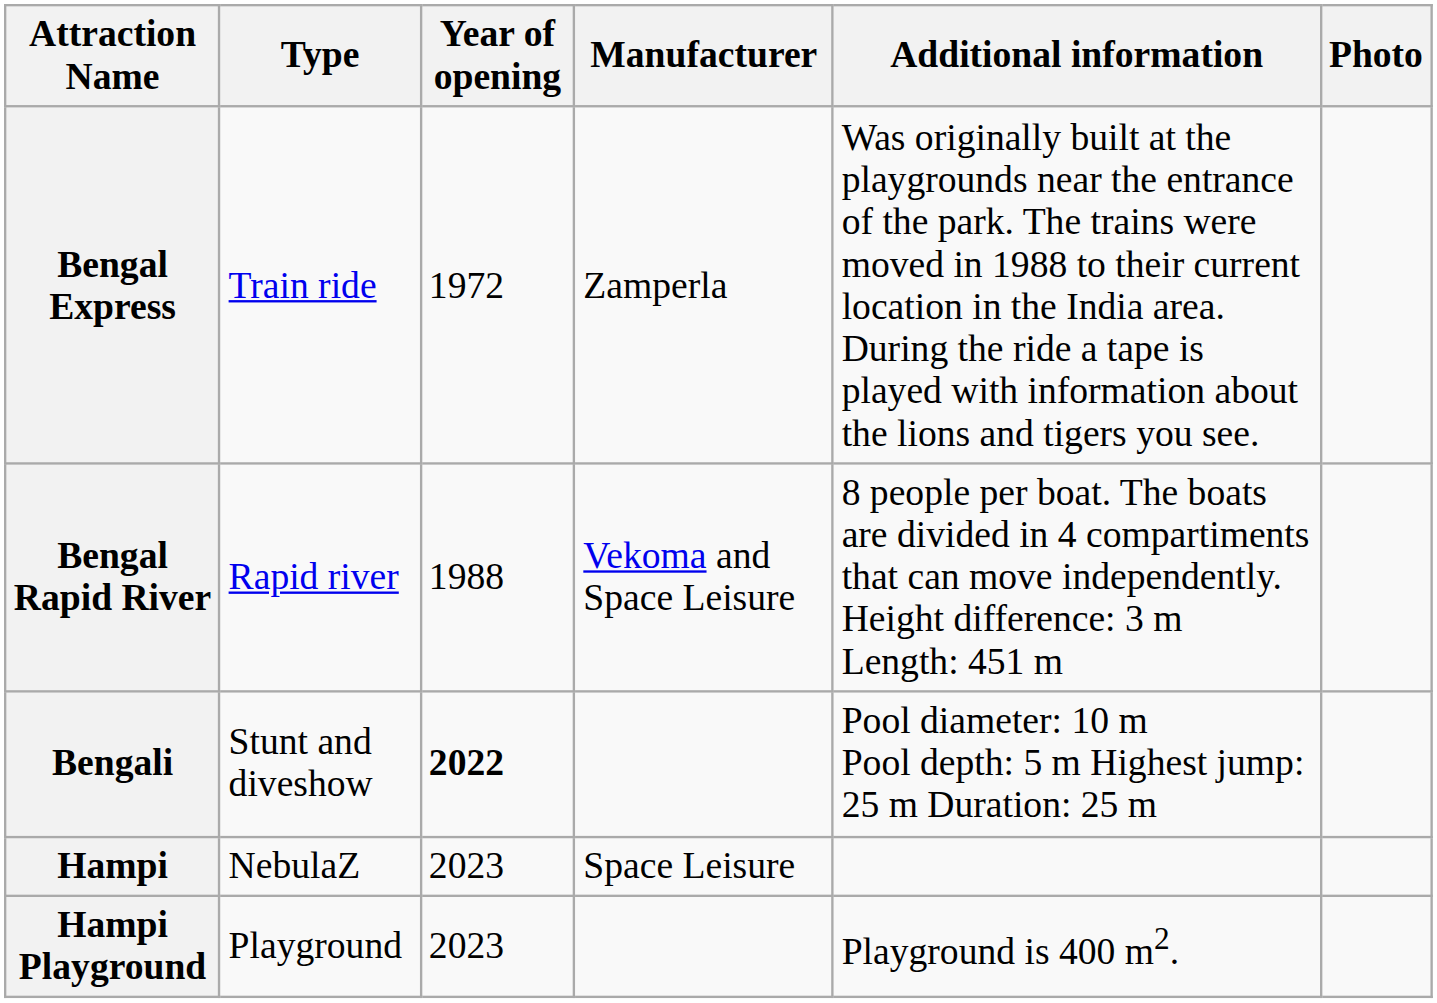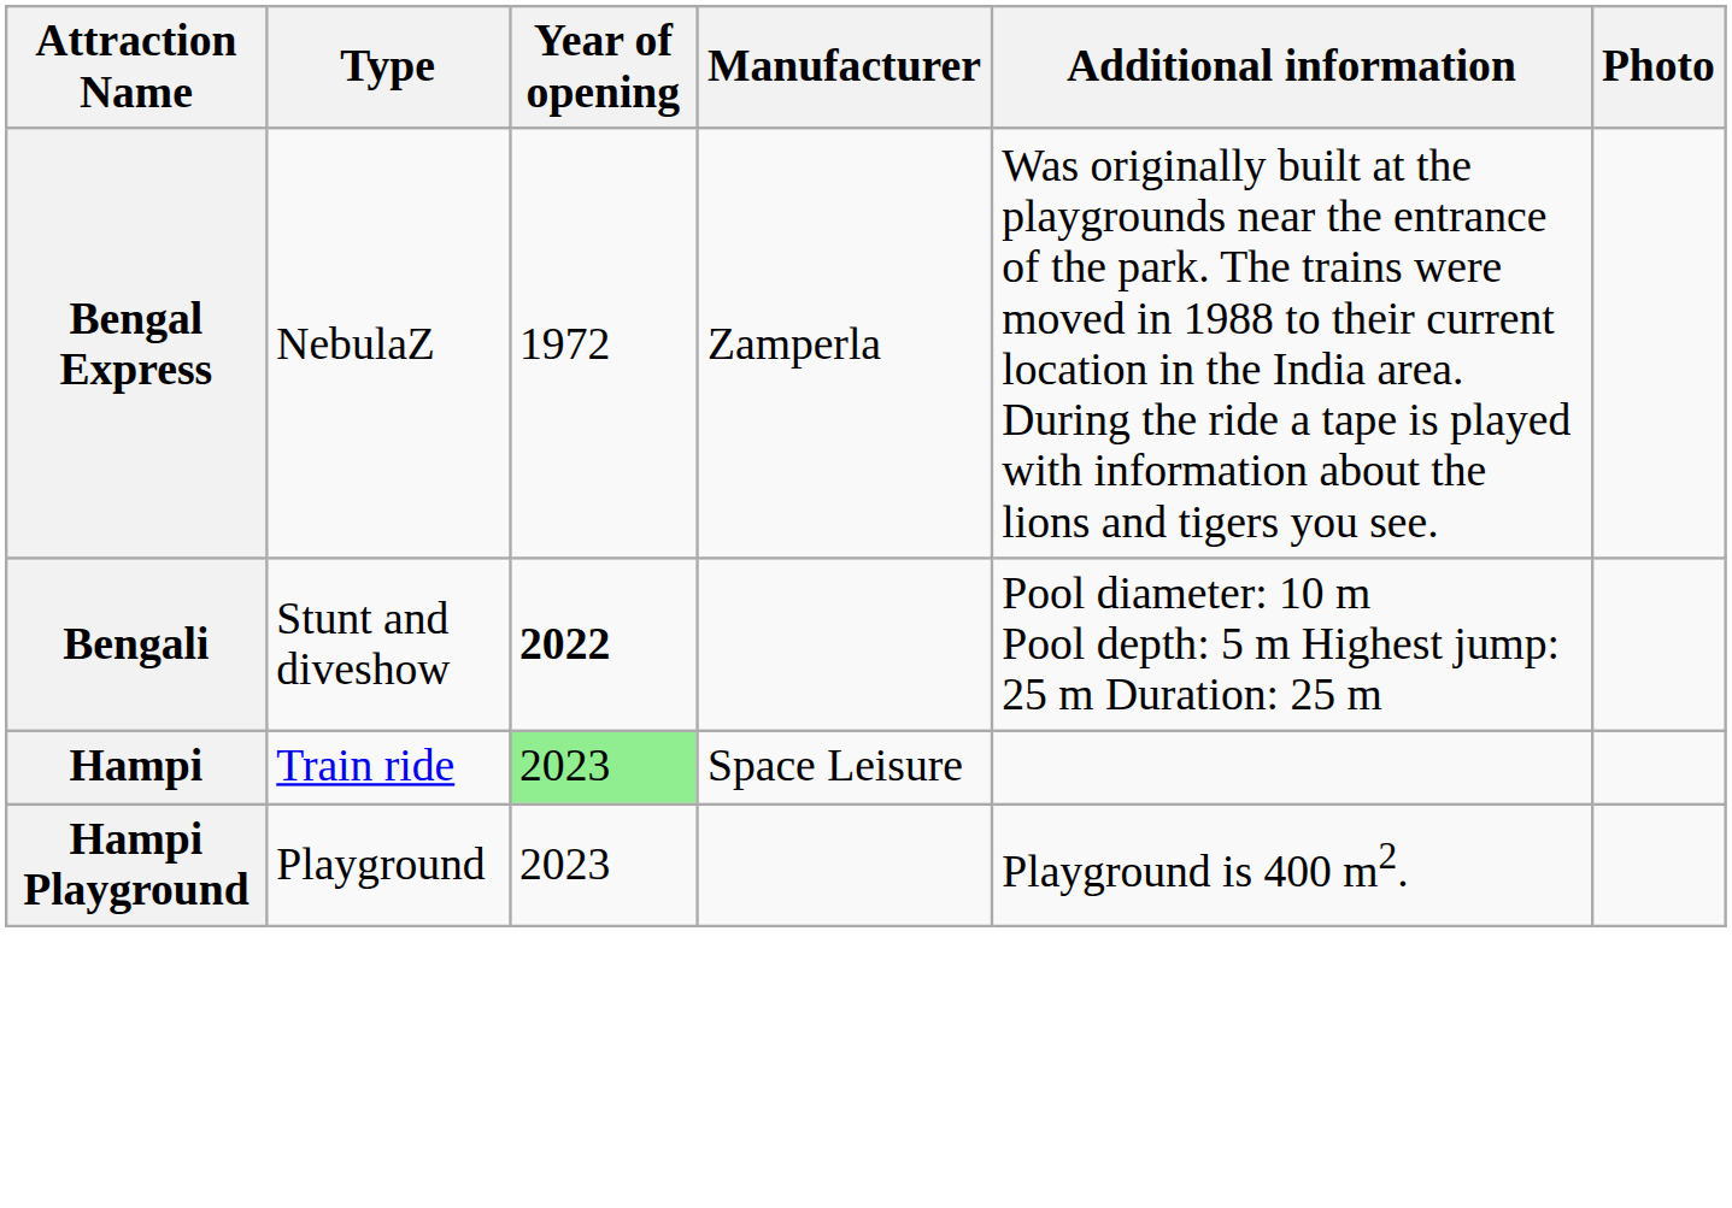 <table class="wikitable sortable mw-collapsible">
 <tr>
 <th>Attraction Name</th>
 <th>Type</th>
 <th>Year of opening</th>
 <th>Manufacturer</th>
 <th>Additional information</th>
 <th>Photo</th>
 </tr>
 <tr>
 <th>Bengal Express</th>
-<td><a href='#'>Train ride</a></td>
+<td>NebulaZ</td>
 <td>1972</td>
 <td>Zamperla</td>
 <td>Was originally built at the playgrounds near the entrance of the park. The trains were moved in 1988 to their current location in the India area. During the ride a tape is played with information about the lions and tigers you see.</td>
-<td></td>
-</tr>
-<tr>
-<th>Bengal Rapid River</th>
-<td><a href='#'>Rapid river</a></td>
-<td>1988</td>
-<td><a href='#'>Vekoma</a> and Space Leisure</td>
-<td>8 people per boat. The boats are divided in 4 compartiments that can move independently.<br>Height difference: 3 m<br>Length: 451 m</td>
 <td></td>
 </tr>
 <tr>
 <th>Bengali</th>
 <td>Stunt and diveshow</td>
 <td><strong>2022</strong></td>
 <td></td>
 <td>Pool diameter: 10 m<br>Pool depth:      5 m Highest jump: 25 m Duration: 25 m</td>
 <td></td>
 </tr>
 <tr>
 <th>Hampi</th>
-<td>NebulaZ</td>
-<td>2023</td>
+<td><a href='#'>Train ride</a></td>
+<td style="background: lightgreen;">2023</td>
 <td>Space Leisure</td>
 <td></td>
 <td></td>
 </tr>
 <tr>
 <th>Hampi Playground</th>
 <td>Playground</td>
 <td>2023</td>
 <td></td>
 <td>Playground is 400 m<sup>2</sup>.</td>
 <td></td>
 </tr>
 </table>
